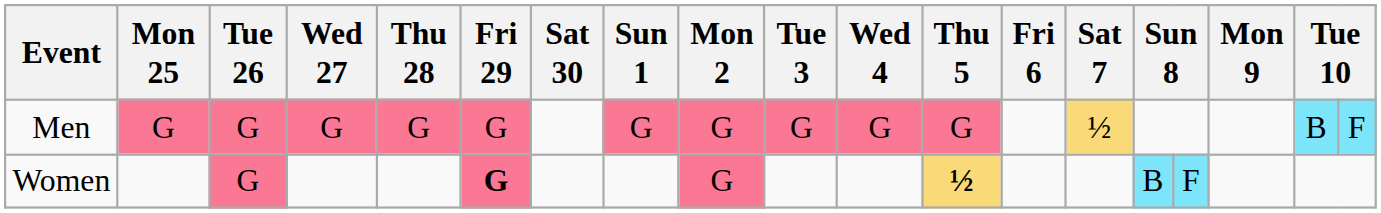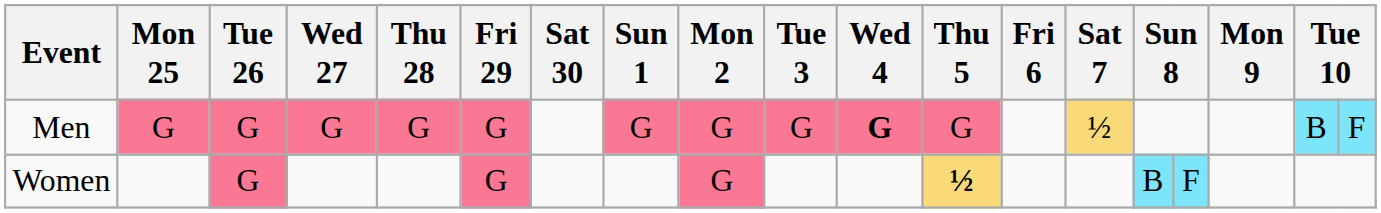 <table class="wikitable" style="margin:0.5em auto; font-size:90%; line-height:1.25em; text-align:center">
 <tr>
 <th>Event</th>
 <th>Mon 25</th>
 <th>Tue 26</th>
 <th>Wed 27</th>
 <th>Thu 28</th>
 <th>Fri 29</th>
 <th>Sat 30</th>
 <th>Sun 1</th>
 <th>Mon 2</th>
 <th>Tue 3</th>
 <th>Wed 4</th>
 <th>Thu 5</th>
 <th>Fri 6</th>
 <th>Sat 7</th>
 <th colspan=2>Sun 8</th>
 <th>Mon 9</th>
 <th colspan="2">Tue 10</th>
 </tr>
 <tr>
 <td>Men</td>
 <td bgcolor="#FA7894">G</td>
 <td bgcolor="#FA7894">G</td>
 <td bgcolor="#FA7894">G</td>
 <td bgcolor="#FA7894">G</td>
 <td bgcolor="#FA7894">G</td>
 <td></td>
 <td bgcolor="#FA7894">G</td>
 <td bgcolor="#FA7894">G</td>
 <td bgcolor="#FA7894">G</td>
-<td bgcolor="#FA7894">G</td>
+<td bgcolor="#FA7894"><strong>G</strong></td>
 <td bgcolor="#FA7894">G</td>
 <td></td>
 <td bgcolor="#FAD978">½</td>
 <td colspan=2></td>
 <td></td>
 <td bgcolor="#7DE5FA">B</td>
 <td bgcolor="#7DE5FA">F</td>
 </tr>
 <tr>
 <td>Women</td>
 <td></td>
 <td bgcolor="#FA7894">G</td>
 <td></td>
 <td></td>
-<td bgcolor="#FA7894"><strong>G</strong></td>
+<td bgcolor="#FA7894">G</td>
 <td></td>
 <td></td>
 <td bgcolor="#FA7894">G</td>
 <td></td>
 <td></td>
 <td bgcolor="#FAD978"><strong>½</strong></td>
 <td></td>
 <td></td>
 <td bgcolor="#7DE5FA">B</td>
 <td bgcolor="#7DE5FA">F</td>
 <td></td>
 <td colspan=2></td>
 </tr>
 </table>
